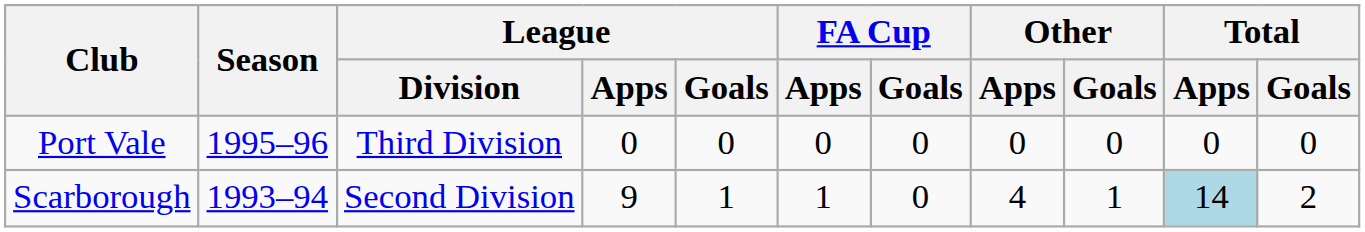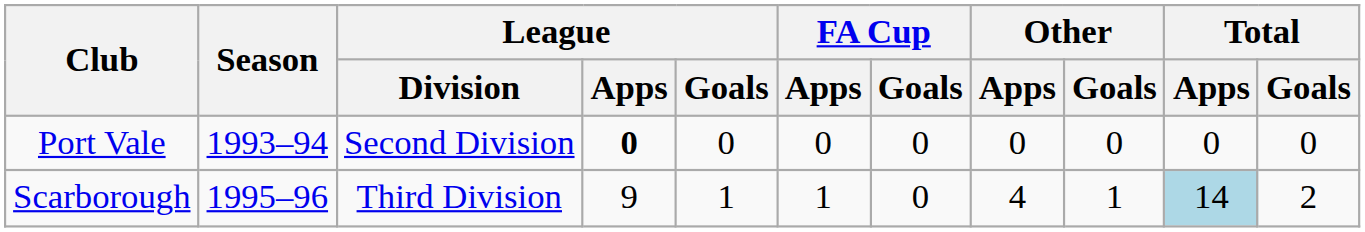 <table class="wikitable" style="text-align:center">
 <tr>
 <th rowspan="2">Club</th>
 <th rowspan="2">Season</th>
 <th colspan="3">League</th>
 <th colspan="2"><a href='#'>FA Cup</a></th>
 <th colspan="2">Other</th>
 <th colspan="2">Total</th>
 </tr>
 <tr>
 <th>Division</th>
 <th>Apps</th>
 <th>Goals</th>
 <th>Apps</th>
 <th>Goals</th>
 <th>Apps</th>
 <th>Goals</th>
 <th>Apps</th>
 <th>Goals</th>
 </tr>
 <tr>
 <td><a href='#'>Port Vale</a></td>
-<td><a href='#'>1995–96</a></td>
-<td><a href='#'>Third Division</a></td>
-<td>0</td>
+<td><a href='#'>1993–94</a></td>
+<td><a href='#'>Second Division</a></td>
+<td><strong>0</strong></td>
 <td>0</td>
 <td>0</td>
 <td>0</td>
 <td>0</td>
 <td>0</td>
 <td>0</td>
 <td>0</td>
 </tr>
 <tr>
 <td><a href='#'>Scarborough</a></td>
-<td><a href='#'>1993–94</a></td>
-<td><a href='#'>Second Division</a></td>
+<td><a href='#'>1995–96</a></td>
+<td><a href='#'>Third Division</a></td>
 <td>9</td>
 <td>1</td>
 <td>1</td>
 <td>0</td>
 <td>4</td>
 <td>1</td>
 <td style="background: lightblue;">14</td>
 <td>2</td>
 </tr>
 </table>
